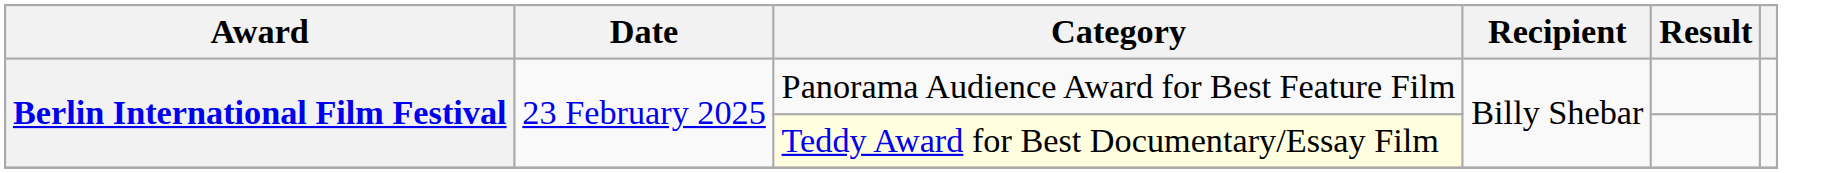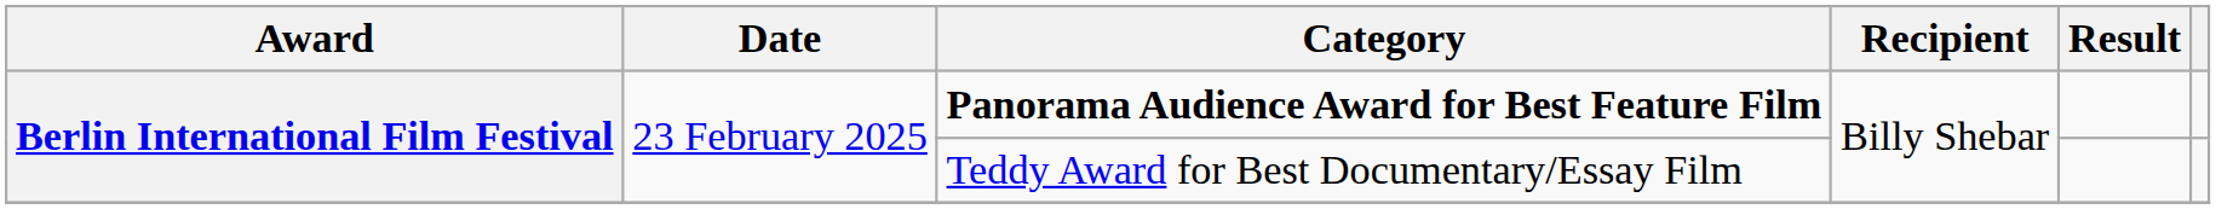 <table class="wikitable sortable plainrowheaders">
 <tr>
 <th>Award</th>
 <th>Date</th>
 <th>Category</th>
 <th>Recipient</th>
 <th>Result</th>
 <th></th>
 </tr>
 <tr>
 <th scope="row" rowspan="2"><a href='#'>Berlin International Film Festival</a></th>
 <td rowspan="2"><a href='#'>23 February 2025</a></td>
-<td>Panorama Audience Award for Best Feature Film</td>
+<td><strong>Panorama Audience Award for Best Feature Film</strong></td>
 <td rowspan="2">Billy Shebar</td>
 <td></td>
 <td align="center" rowspan="1"></td>
 </tr>
 <tr>
-<td style="background: lightyellow;"><a href='#'>Teddy Award</a> for Best Documentary/Essay Film</td>
+<td><a href='#'>Teddy Award</a> for Best Documentary/Essay Film</td>
 <td></td>
 <td align="center" rowspan="1"></td>
 </tr>
 <tr>
 </tr>
 </table>
